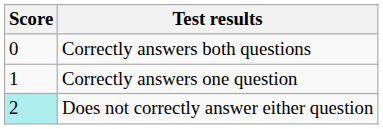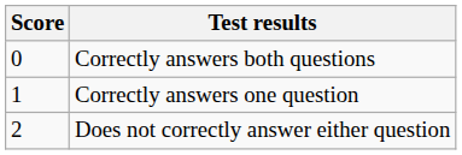 <table class="wikitable">
 <tr>
 <th>Score</th>
 <th>Test results</th>
 </tr>
 <tr>
 <td>0</td>
 <td>Correctly answers both questions</td>
 </tr>
 <tr>
 <td>1</td>
 <td>Correctly answers one question</td>
 </tr>
 <tr>
-<td style="background: paleturquoise;">2</td>
+<td>2</td>
 <td>Does not correctly answer either question</td>
 </tr>
 </table>
